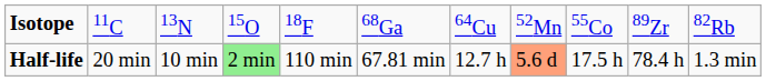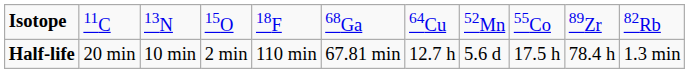 <table class="wikitable" s>
 <tr>
 <td><strong>Isotope</strong></td>
 <td><a href='#'><sup>11</sup>C</a></td>
 <td><a href='#'><sup>13</sup>N</a></td>
 <td><a href='#'><sup>15</sup>O</a></td>
 <td><a href='#'><sup>18</sup>F</a></td>
 <td><a href='#'><sup>68</sup>Ga</a></td>
 <td><a href='#'><sup>64</sup>Cu</a></td>
 <td><a href='#'><sup>52</sup>Mn</a></td>
 <td><a href='#'><sup>55</sup>Co</a></td>
 <td><a href='#'><sup>89</sup>Zr</a></td>
 <td><a href='#'><sup>82</sup>Rb</a></td>
 </tr>
 <tr>
 <td><strong>Half-life</strong></td>
 <td>20 min</td>
 <td>10 min</td>
-<td style="background: lightgreen;">2 min</td>
+<td>2 min</td>
 <td>110 min</td>
 <td>67.81 min</td>
 <td>12.7 h</td>
-<td style="background: lightsalmon;">5.6 d</td>
+<td>5.6 d</td>
 <td>17.5 h</td>
 <td>78.4 h</td>
 <td>1.3 min</td>
 </tr>
 </table>
